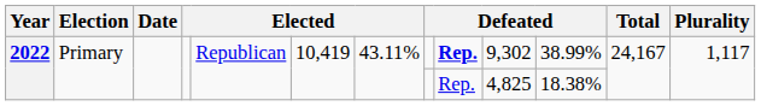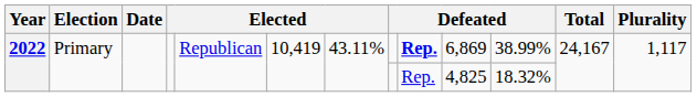 <table class="wikitable">
 <tr>
 <th>Year</th>
 <th>Election</th>
 <th>Date</th>
 <th colspan="4">Elected</th>
 <th colspan="4">Defeated</th>
 <th>Total</th>
 <th>Plurality</th>
 </tr>
 <tr>
 <th rowspan="2" valign="top"><a href='#'>2022</a></th>
 <td rowspan="2" valign="top">Primary</td>
 <td rowspan="2" valign="top"></td>
 <td rowspan="2" valign="top"></td>
 <td rowspan="2" valign="top" ><a href='#'>Republican</a></td>
 <td rowspan="2" align="right" valign="top">10,419</td>
 <td rowspan="2" align="right" valign="top">43.11%</td>
 <td valign="top"></td>
 <td valign="top" ><strong><a href='#'>Rep.</a></strong></td>
-<td align="right" valign="top">9,302</td>
+<td align="right" valign="top">6,869</td>
 <td align="right" valign="top">38.99%</td>
 <td rowspan="2" align="right" valign="top">24,167</td>
 <td rowspan="2" align="right" valign="top">1,117</td>
 </tr>
 <tr>
 <td valign="top"></td>
 <td valign="top" ><a href='#'>Rep.</a></td>
 <td align="right" valign="top">4,825</td>
-<td align="right" valign="top">18.38%</td>
+<td align="right" valign="top">18.32%</td>
 </tr>
 </table>
